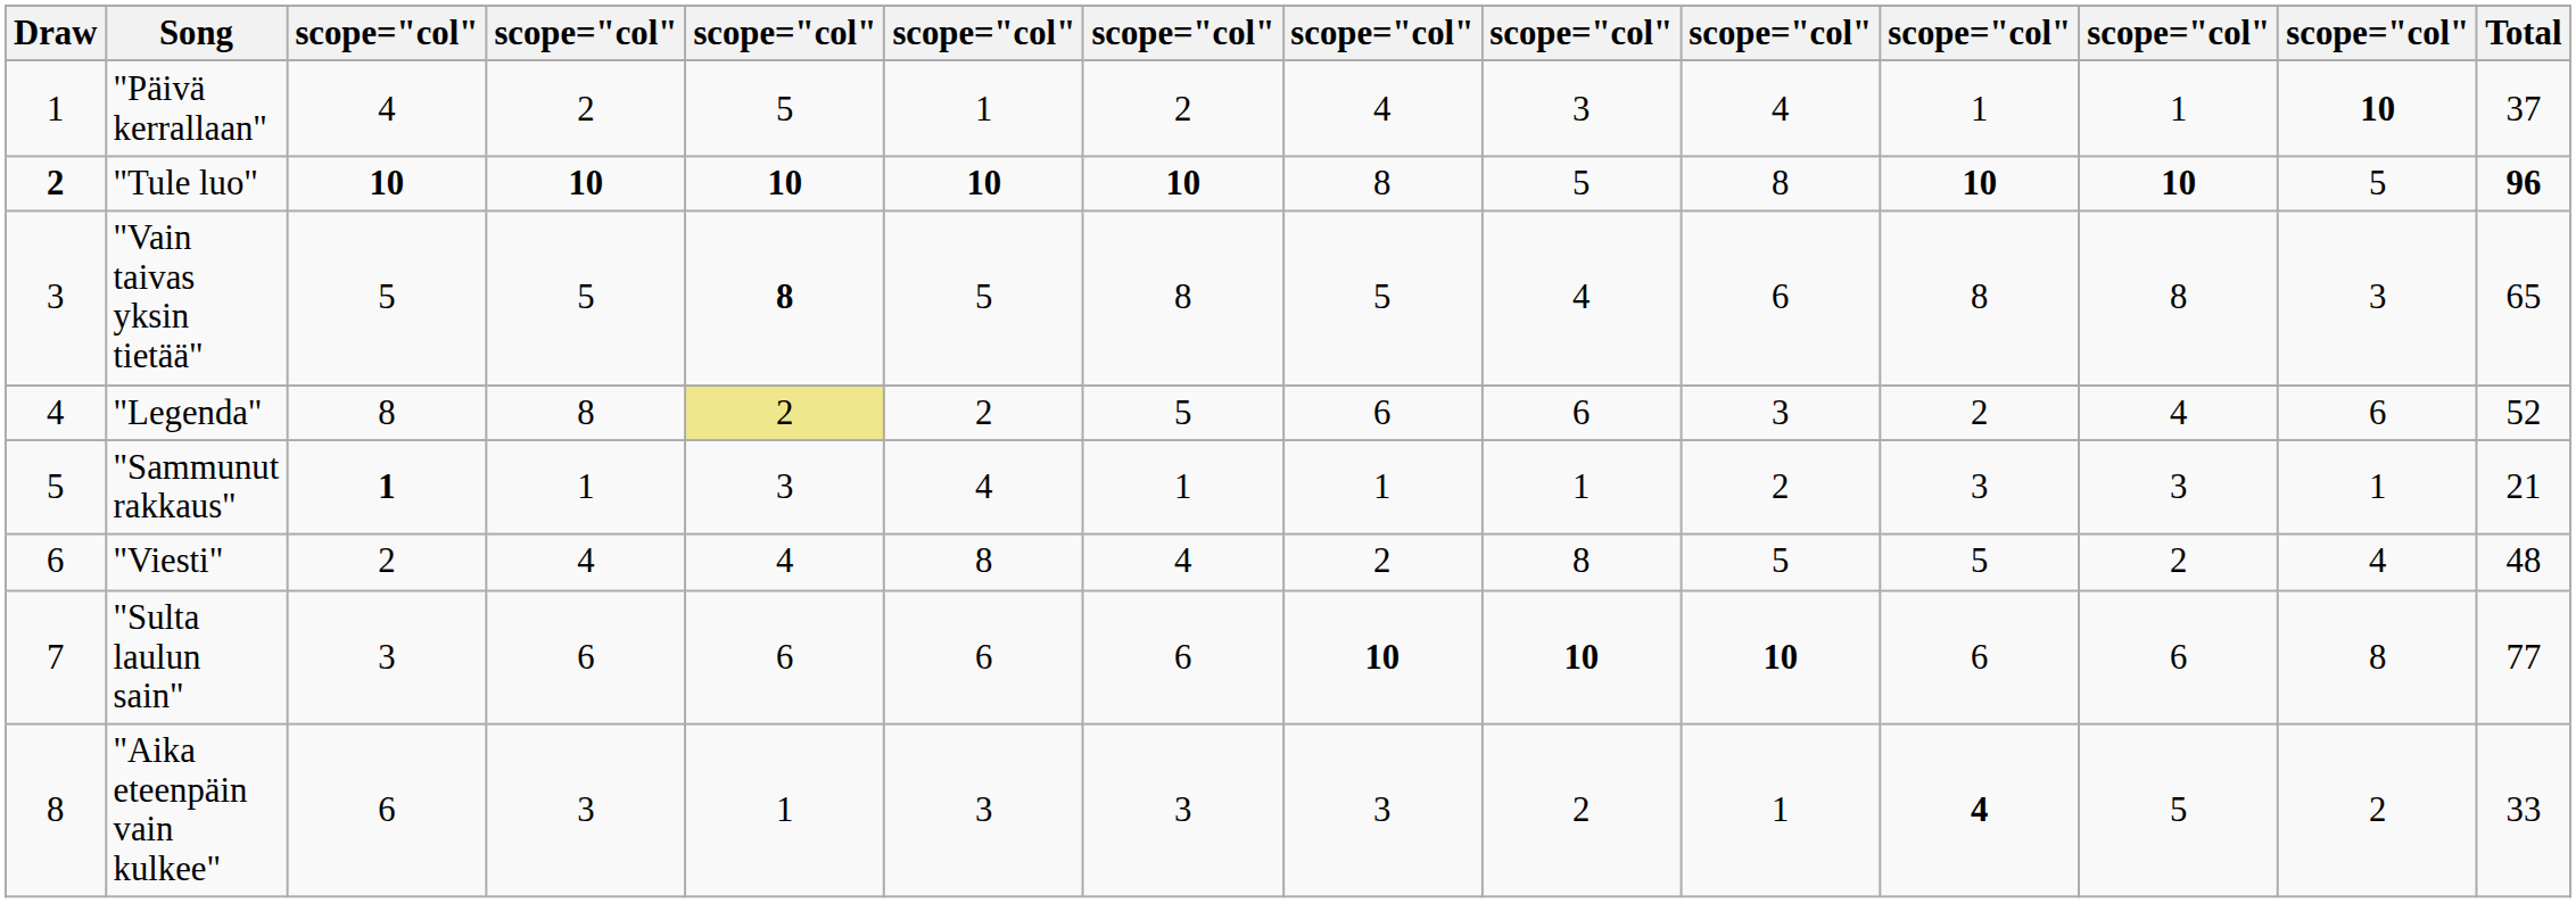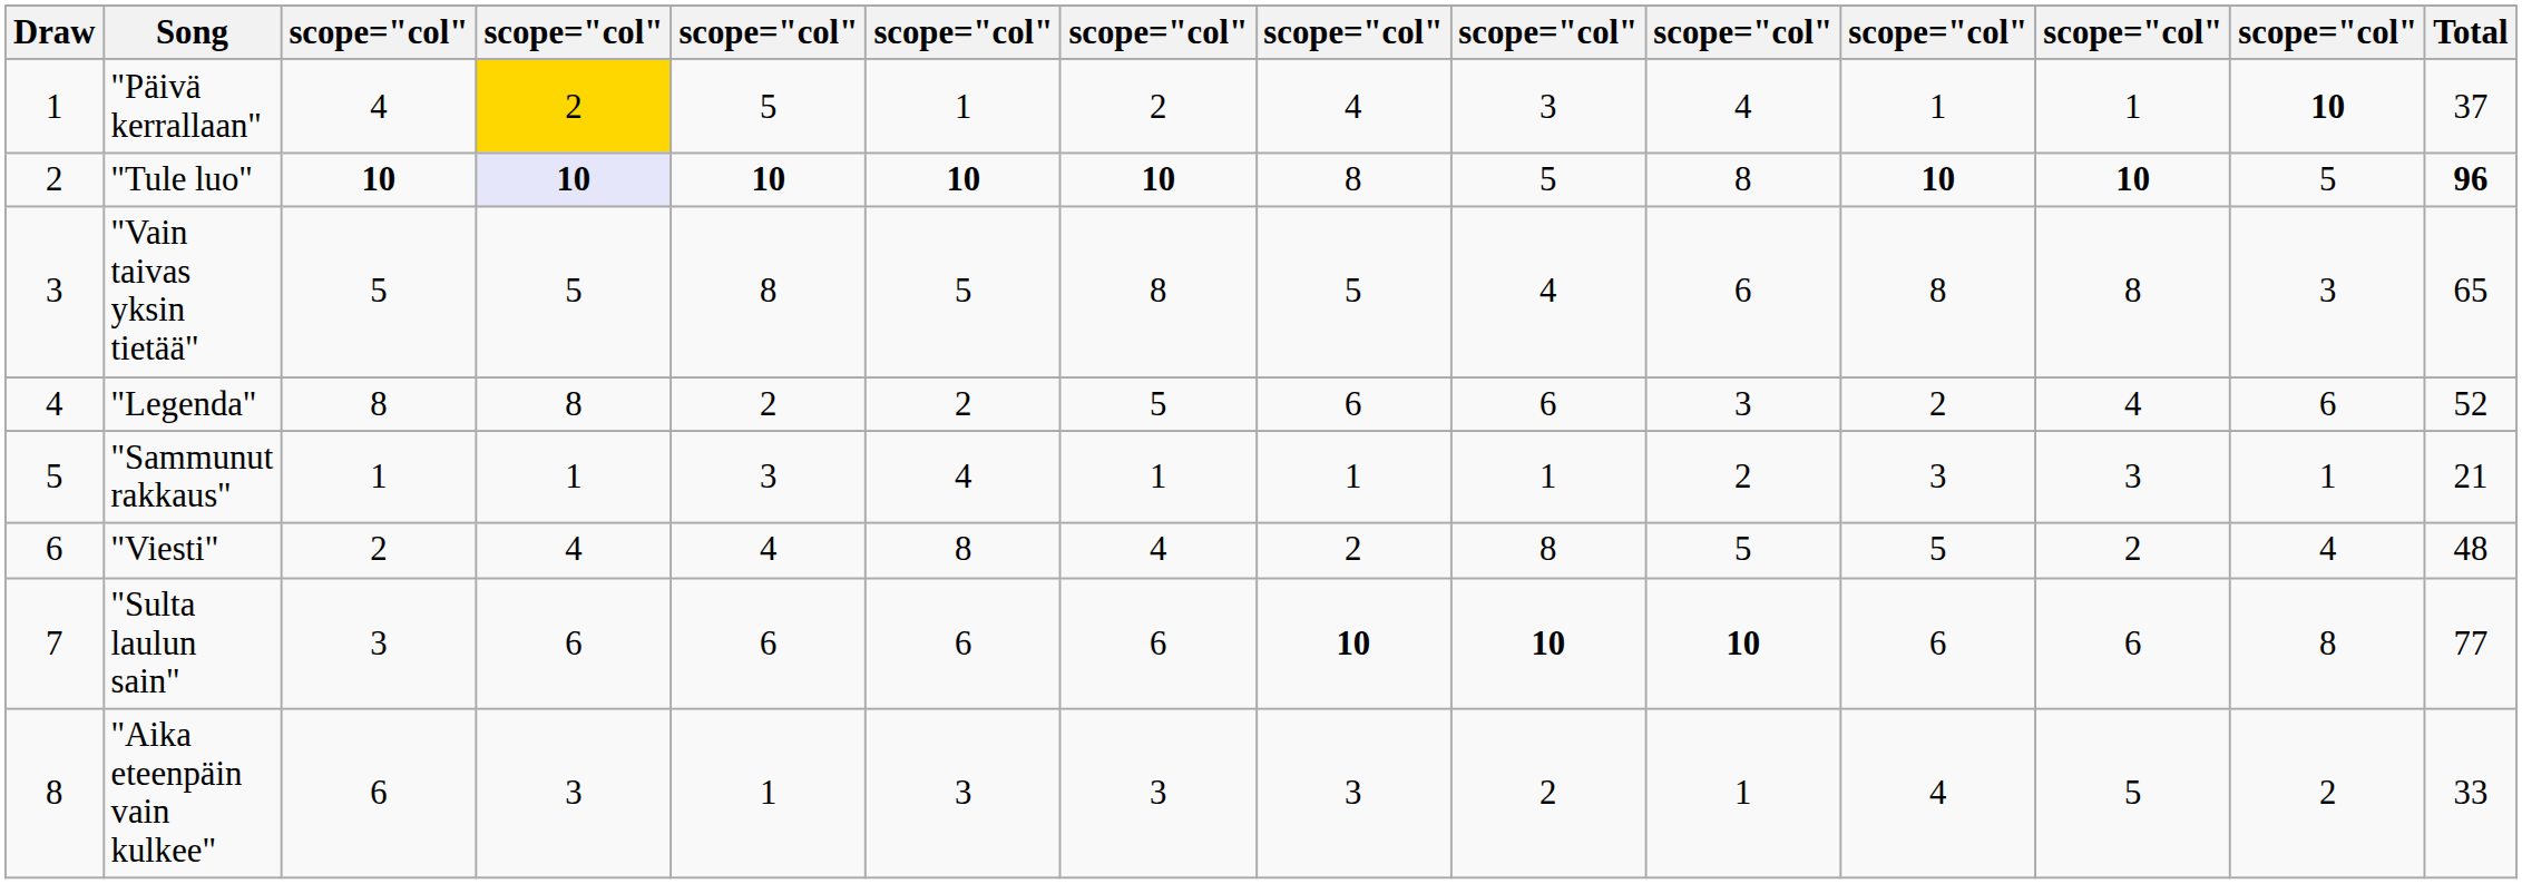 <table class="wikitable plainrowheaders" style="margin: 1em auto 1em auto; text-align:center;">
 <tr>
 </tr>
 <tr>
 <th scope="col">Draw</th>
 <th scope="col">Song</th>
 <th>scope="col" </th>
 <th>scope="col" </th>
 <th>scope="col" </th>
 <th>scope="col" </th>
 <th>scope="col" </th>
 <th>scope="col" </th>
 <th>scope="col" </th>
 <th>scope="col" </th>
 <th>scope="col" </th>
 <th>scope="col" </th>
 <th>scope="col" </th>
 <th scope="col">Total</th>
 </tr>
 <tr>
 <td>1</td>
 <td align="left">"Päivä kerrallaan"</td>
 <td>4</td>
-<td>2</td>
+<td style="background: gold;">2</td>
 <td>5</td>
 <td>1</td>
 <td>2</td>
 <td>4</td>
 <td>3</td>
 <td>4</td>
 <td>1</td>
 <td>1</td>
 <td><strong>10</strong></td>
 <td>37</td>
 </tr>
 <tr>
-<td><strong>2</strong></td>
+<td>2</td>
 <td align="left">"Tule luo"</td>
 <td><strong>10</strong></td>
-<td><strong>10</strong></td>
+<td style="background: lavender;"><strong>10</strong></td>
 <td><strong>10</strong></td>
 <td><strong>10</strong></td>
 <td><strong>10</strong></td>
 <td>8</td>
 <td>5</td>
 <td>8</td>
 <td><strong>10</strong></td>
 <td><strong>10</strong></td>
 <td>5</td>
 <td><strong>96</strong></td>
 </tr>
 <tr>
 <td>3</td>
 <td align="left">"Vain taivas yksin tietää"</td>
 <td>5</td>
 <td>5</td>
-<td><strong>8</strong></td>
+<td>8</td>
 <td>5</td>
 <td>8</td>
 <td>5</td>
 <td>4</td>
 <td>6</td>
 <td>8</td>
 <td>8</td>
 <td>3</td>
 <td>65</td>
 </tr>
 <tr>
 <td>4</td>
 <td align="left">"Legenda"</td>
 <td>8</td>
 <td>8</td>
-<td style="background: khaki;">2</td>
+<td>2</td>
 <td>2</td>
 <td>5</td>
 <td>6</td>
 <td>6</td>
 <td>3</td>
 <td>2</td>
 <td>4</td>
 <td>6</td>
 <td>52</td>
 </tr>
 <tr>
 <td>5</td>
 <td align="left">"Sammunut rakkaus"</td>
-<td><strong>1</strong></td>
+<td>1</td>
 <td>1</td>
 <td>3</td>
 <td>4</td>
 <td>1</td>
 <td>1</td>
 <td>1</td>
 <td>2</td>
 <td>3</td>
 <td>3</td>
 <td>1</td>
 <td>21</td>
 </tr>
 <tr>
 <td>6</td>
 <td align="left">"Viesti"</td>
 <td>2</td>
 <td>4</td>
 <td>4</td>
 <td>8</td>
 <td>4</td>
 <td>2</td>
 <td>8</td>
 <td>5</td>
 <td>5</td>
 <td>2</td>
 <td>4</td>
 <td>48</td>
 </tr>
 <tr>
 <td>7</td>
 <td align="left">"Sulta laulun sain"</td>
 <td>3</td>
 <td>6</td>
 <td>6</td>
 <td>6</td>
 <td>6</td>
 <td><strong>10</strong></td>
 <td><strong>10</strong></td>
 <td><strong>10</strong></td>
 <td>6</td>
 <td>6</td>
 <td>8</td>
 <td>77</td>
 </tr>
 <tr>
 <td>8</td>
 <td align="left">"Aika eteenpäin vain kulkee"</td>
 <td>6</td>
 <td>3</td>
 <td>1</td>
 <td>3</td>
 <td>3</td>
 <td>3</td>
 <td>2</td>
 <td>1</td>
-<td><strong>4</strong></td>
+<td>4</td>
 <td>5</td>
 <td>2</td>
 <td>33</td>
 </tr>
 </table>
